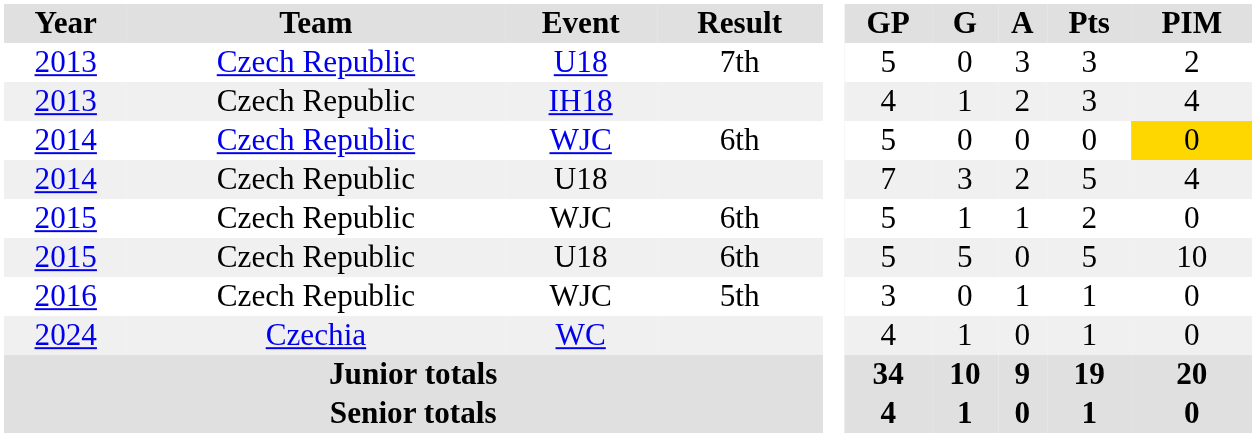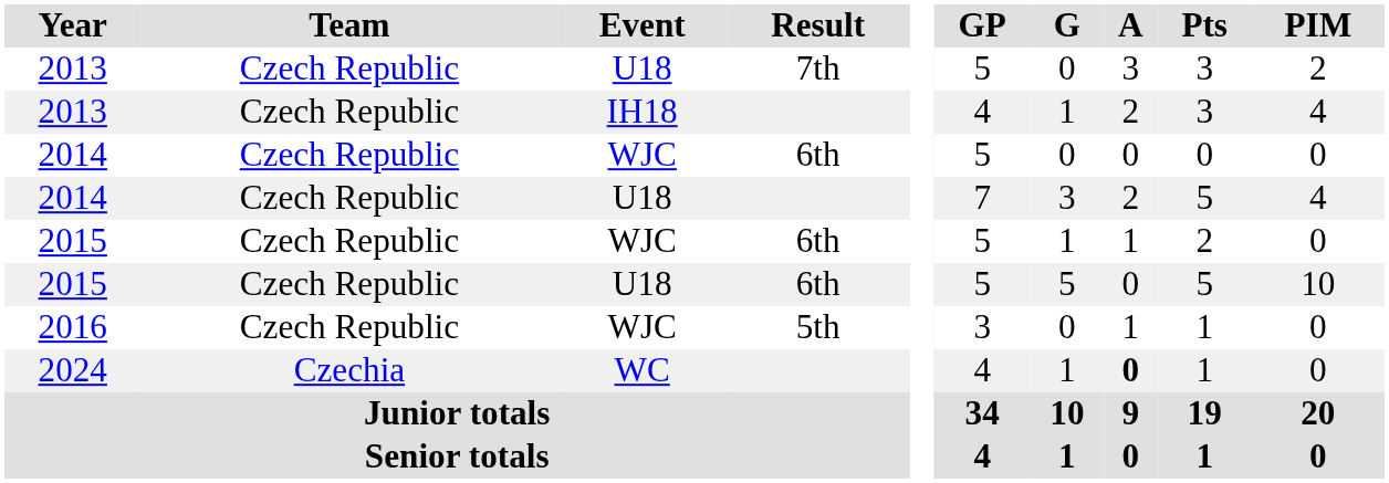 <table border="0" cellpadding="1" cellspacing="0" style="text-align:center; width:40em;">
 <tr style="background:#e0e0e0;">
 <th>Year</th>
 <th>Team</th>
 <th>Event</th>
 <th>Result</th>
 <th rowspan="99" style="background:#fff;"> </th>
 <th>GP</th>
 <th>G</th>
 <th>A</th>
 <th>Pts</th>
 <th>PIM</th>
 </tr>
 <tr>
 <td><a href='#'>2013</a></td>
 <td><a href='#'>Czech Republic</a></td>
 <td><a href='#'>U18</a></td>
 <td>7th</td>
 <td>5</td>
 <td>0</td>
 <td>3</td>
 <td>3</td>
 <td>2</td>
 </tr>
 <tr style="background:#f0f0f0;">
 <td><a href='#'>2013</a></td>
 <td>Czech Republic</td>
 <td><a href='#'>IH18</a></td>
 <td></td>
 <td>4</td>
 <td>1</td>
 <td>2</td>
 <td>3</td>
 <td>4</td>
 </tr>
 <tr>
 <td><a href='#'>2014</a></td>
 <td><a href='#'>Czech Republic</a></td>
 <td><a href='#'>WJC</a></td>
 <td>6th</td>
 <td>5</td>
 <td>0</td>
 <td>0</td>
 <td>0</td>
-<td style="background: gold;">0</td>
+<td>0</td>
 </tr>
 <tr style="background:#f0f0f0;">
 <td><a href='#'>2014</a></td>
 <td>Czech Republic</td>
 <td>U18</td>
 <td></td>
 <td>7</td>
 <td>3</td>
 <td>2</td>
 <td>5</td>
 <td>4</td>
 </tr>
 <tr>
 <td><a href='#'>2015</a></td>
 <td>Czech Republic</td>
 <td>WJC</td>
 <td>6th</td>
 <td>5</td>
 <td>1</td>
 <td>1</td>
 <td>2</td>
 <td>0</td>
 </tr>
 <tr style="background:#f0f0f0;">
 <td><a href='#'>2015</a></td>
 <td>Czech Republic</td>
 <td>U18</td>
 <td>6th</td>
 <td>5</td>
 <td>5</td>
 <td>0</td>
 <td>5</td>
 <td>10</td>
 </tr>
 <tr>
 <td><a href='#'>2016</a></td>
 <td>Czech Republic</td>
 <td>WJC</td>
 <td>5th</td>
 <td>3</td>
 <td>0</td>
 <td>1</td>
 <td>1</td>
 <td>0</td>
 </tr>
 <tr bgcolor="#f0f0f0">
 <td><a href='#'>2024</a></td>
 <td><a href='#'>Czechia</a></td>
 <td><a href='#'>WC</a></td>
 <td></td>
 <td>4</td>
 <td>1</td>
-<td>0</td>
+<td><strong>0</strong></td>
 <td>1</td>
 <td>0</td>
 </tr>
 <tr style="background:#e0e0e0;">
 <th colspan="4">Junior totals</th>
 <th>34</th>
 <th>10</th>
 <th>9</th>
 <th>19</th>
 <th>20</th>
 </tr>
 <tr style="background:#e0e0e0;">
 <th colspan="4">Senior totals</th>
 <th>4</th>
 <th>1</th>
 <th>0</th>
 <th>1</th>
 <th>0</th>
 </tr>
 </table>
